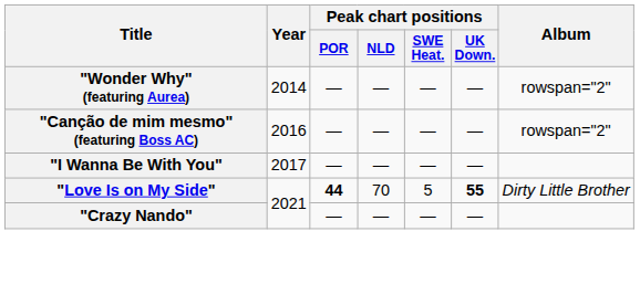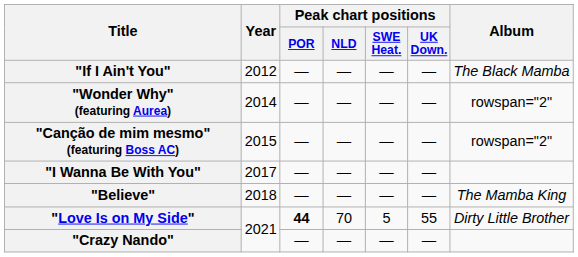 <table class="wikitable plainrowheaders" style="text-align:center;">
 <tr>
 <th scope="col" rowspan="2" style="width:16em;">Title</th>
 <th scope="col" rowspan="2" style="width:1em;">Year</th>
 <th scope="col" colspan="4">Peak chart positions</th>
 <th scope="col" rowspan="2">Album</th>
 </tr>
 <tr>
 <th scope="col" style="width:3em;font-size:85%;"><a href='#'>POR</a></th>
 <th scope="col" style="width:3em;font-size:85%;"><a href='#'>NLD</a><br></th>
 <th scope="col" style="width:3em;font-size:85%;"><a href='#'>SWE<br>Heat.</a><br></th>
 <th scope="col" style="width:3em;font-size:85%;"><a href='#'>UK<br>Down.</a><br></th>
 </tr>
 <tr>
+<th scope="row">"If I Ain't You"</th>
+<td>2012</td>
+<td>—</td>
+<td>—</td>
+<td>—</td>
+<td>—</td>
+<td><em>The Black Mamba</em></td>
+</tr>
+<tr>
 <th scope="row">"Wonder Why"<br><small>(featuring <a href='#'>Aurea</a>)</small></th>
 <td>2014</td>
 <td>—</td>
 <td>—</td>
 <td>—</td>
 <td>—</td>
 <td>rowspan="2" </td>
 </tr>
 <tr>
 <th scope="row">"Canção de mim mesmo"<br><small>(featuring <a href='#'>Boss AC</a>)</small></th>
-<td>2016</td>
+<td>2015</td>
 <td>—</td>
 <td>—</td>
 <td>—</td>
 <td>—</td>
 <td>rowspan="2" </td>
 </tr>
 <tr>
 <th scope="row">"I Wanna Be With You"</th>
 <td>2017</td>
 <td>—</td>
 <td>—</td>
 <td>—</td>
 <td>—</td>
 </tr>
 <tr>
+<th scope="row">"Believe"</th>
+<td>2018</td>
+<td>—</td>
+<td>—</td>
+<td>—</td>
+<td>—</td>
+<td><em>The Mamba King</em></td>
+</tr>
+<tr>
 <th scope="row">"<a href='#'>Love Is on My Side</a>"</th>
 <td rowspan="2">2021</td>
 <td><strong>44</strong></td>
 <td>70</td>
 <td>5</td>
-<td><strong>55</strong></td>
+<td>55</td>
 <td><em>Dirty Little Brother</em></td>
 </tr>
 <tr>
 <th scope="row">"Crazy Nando"</th>
 <td>—</td>
 <td>—</td>
 <td>—</td>
 <td>—</td>
 </tr>
 </table>
